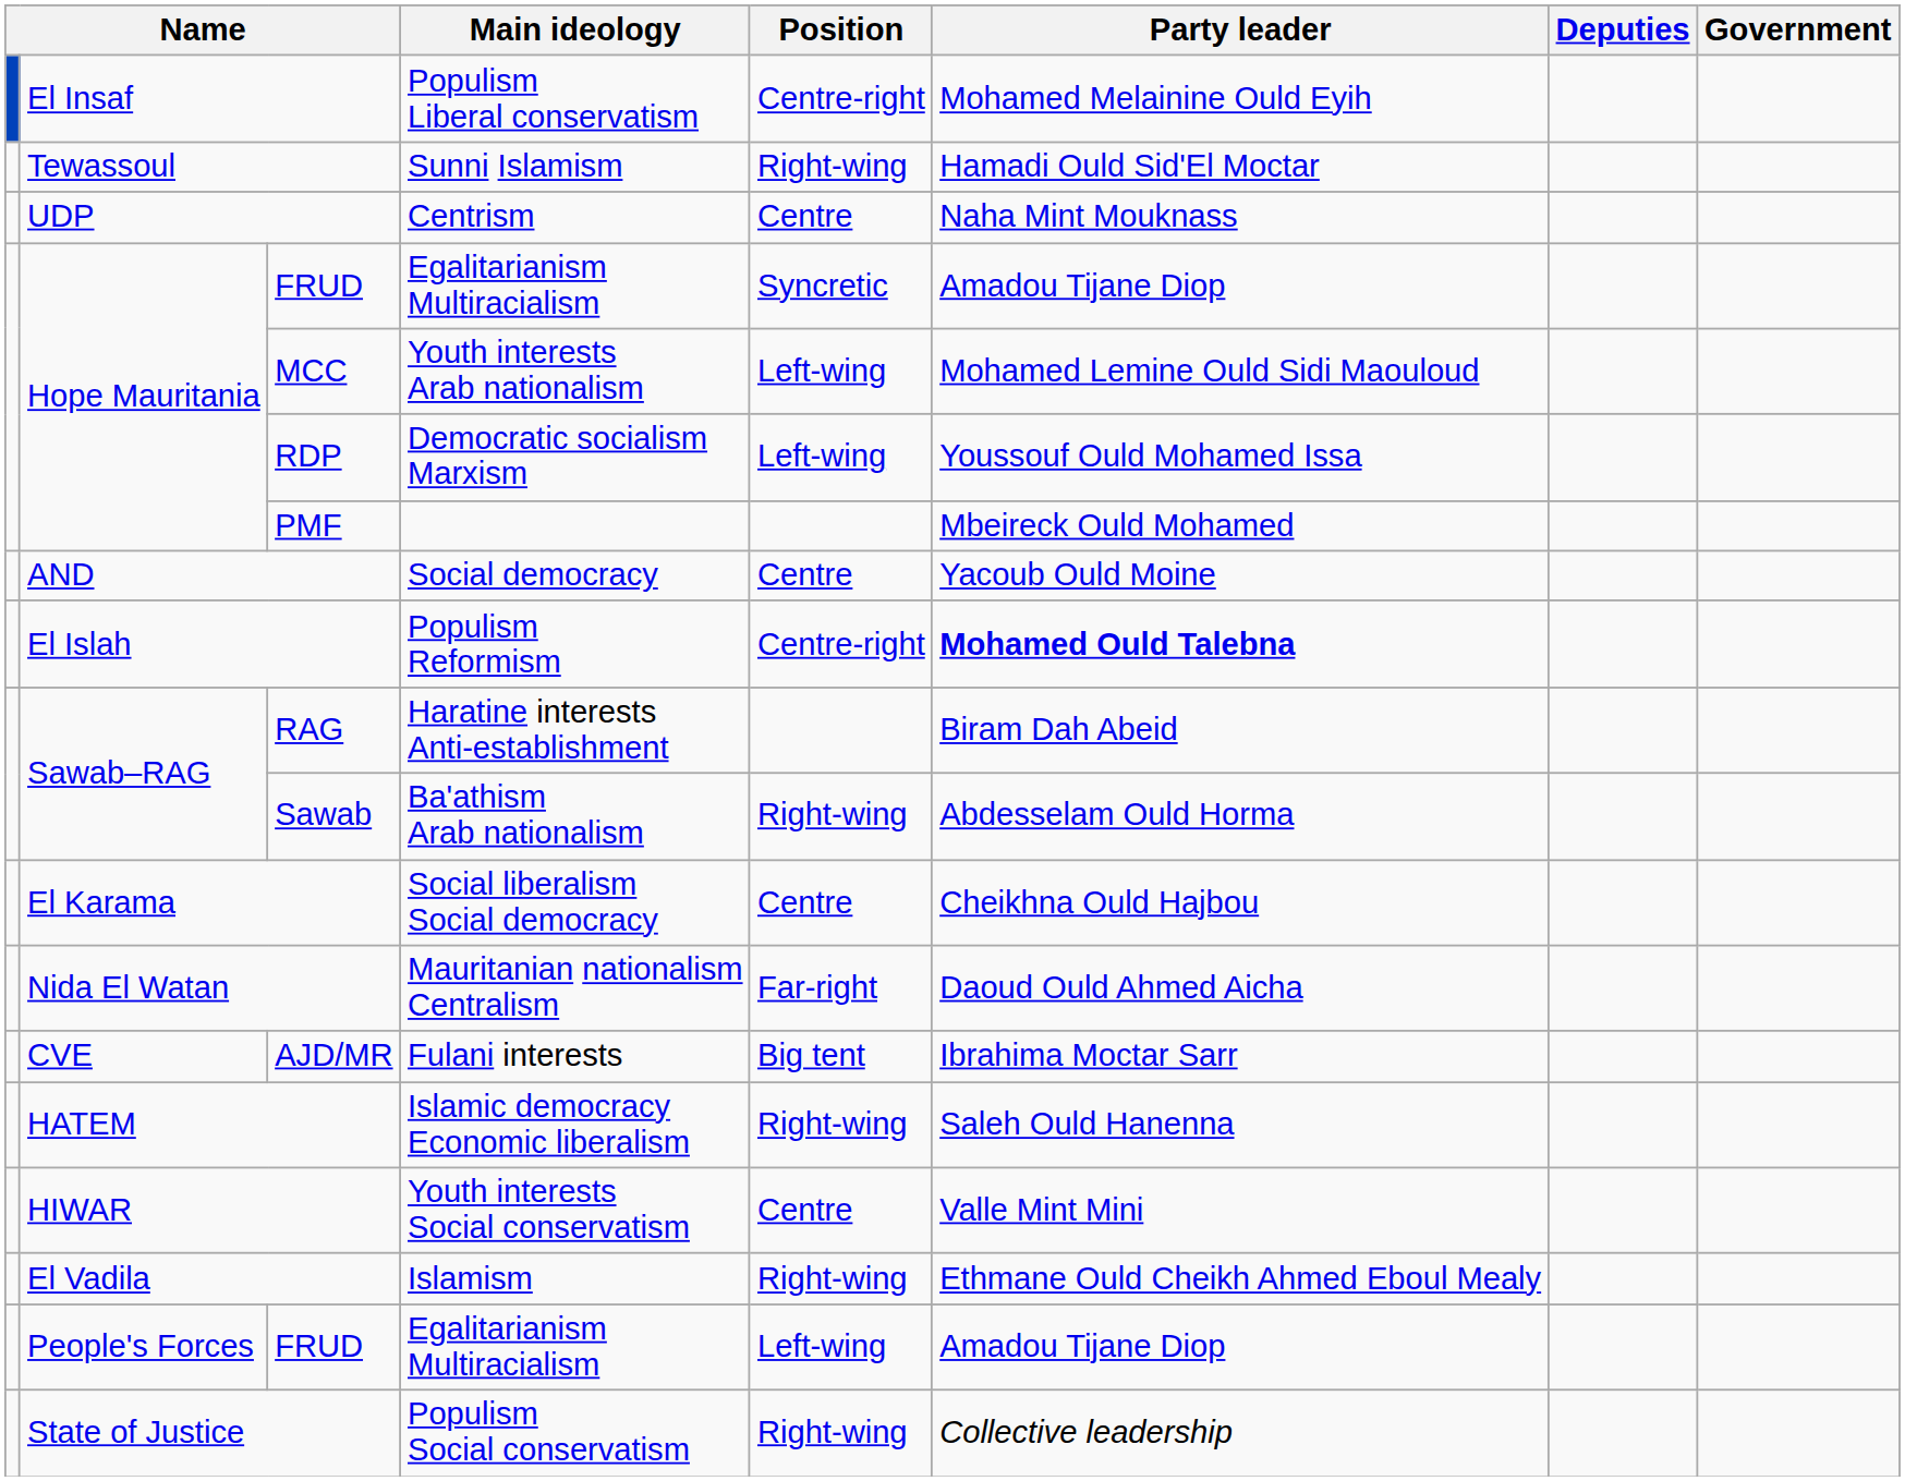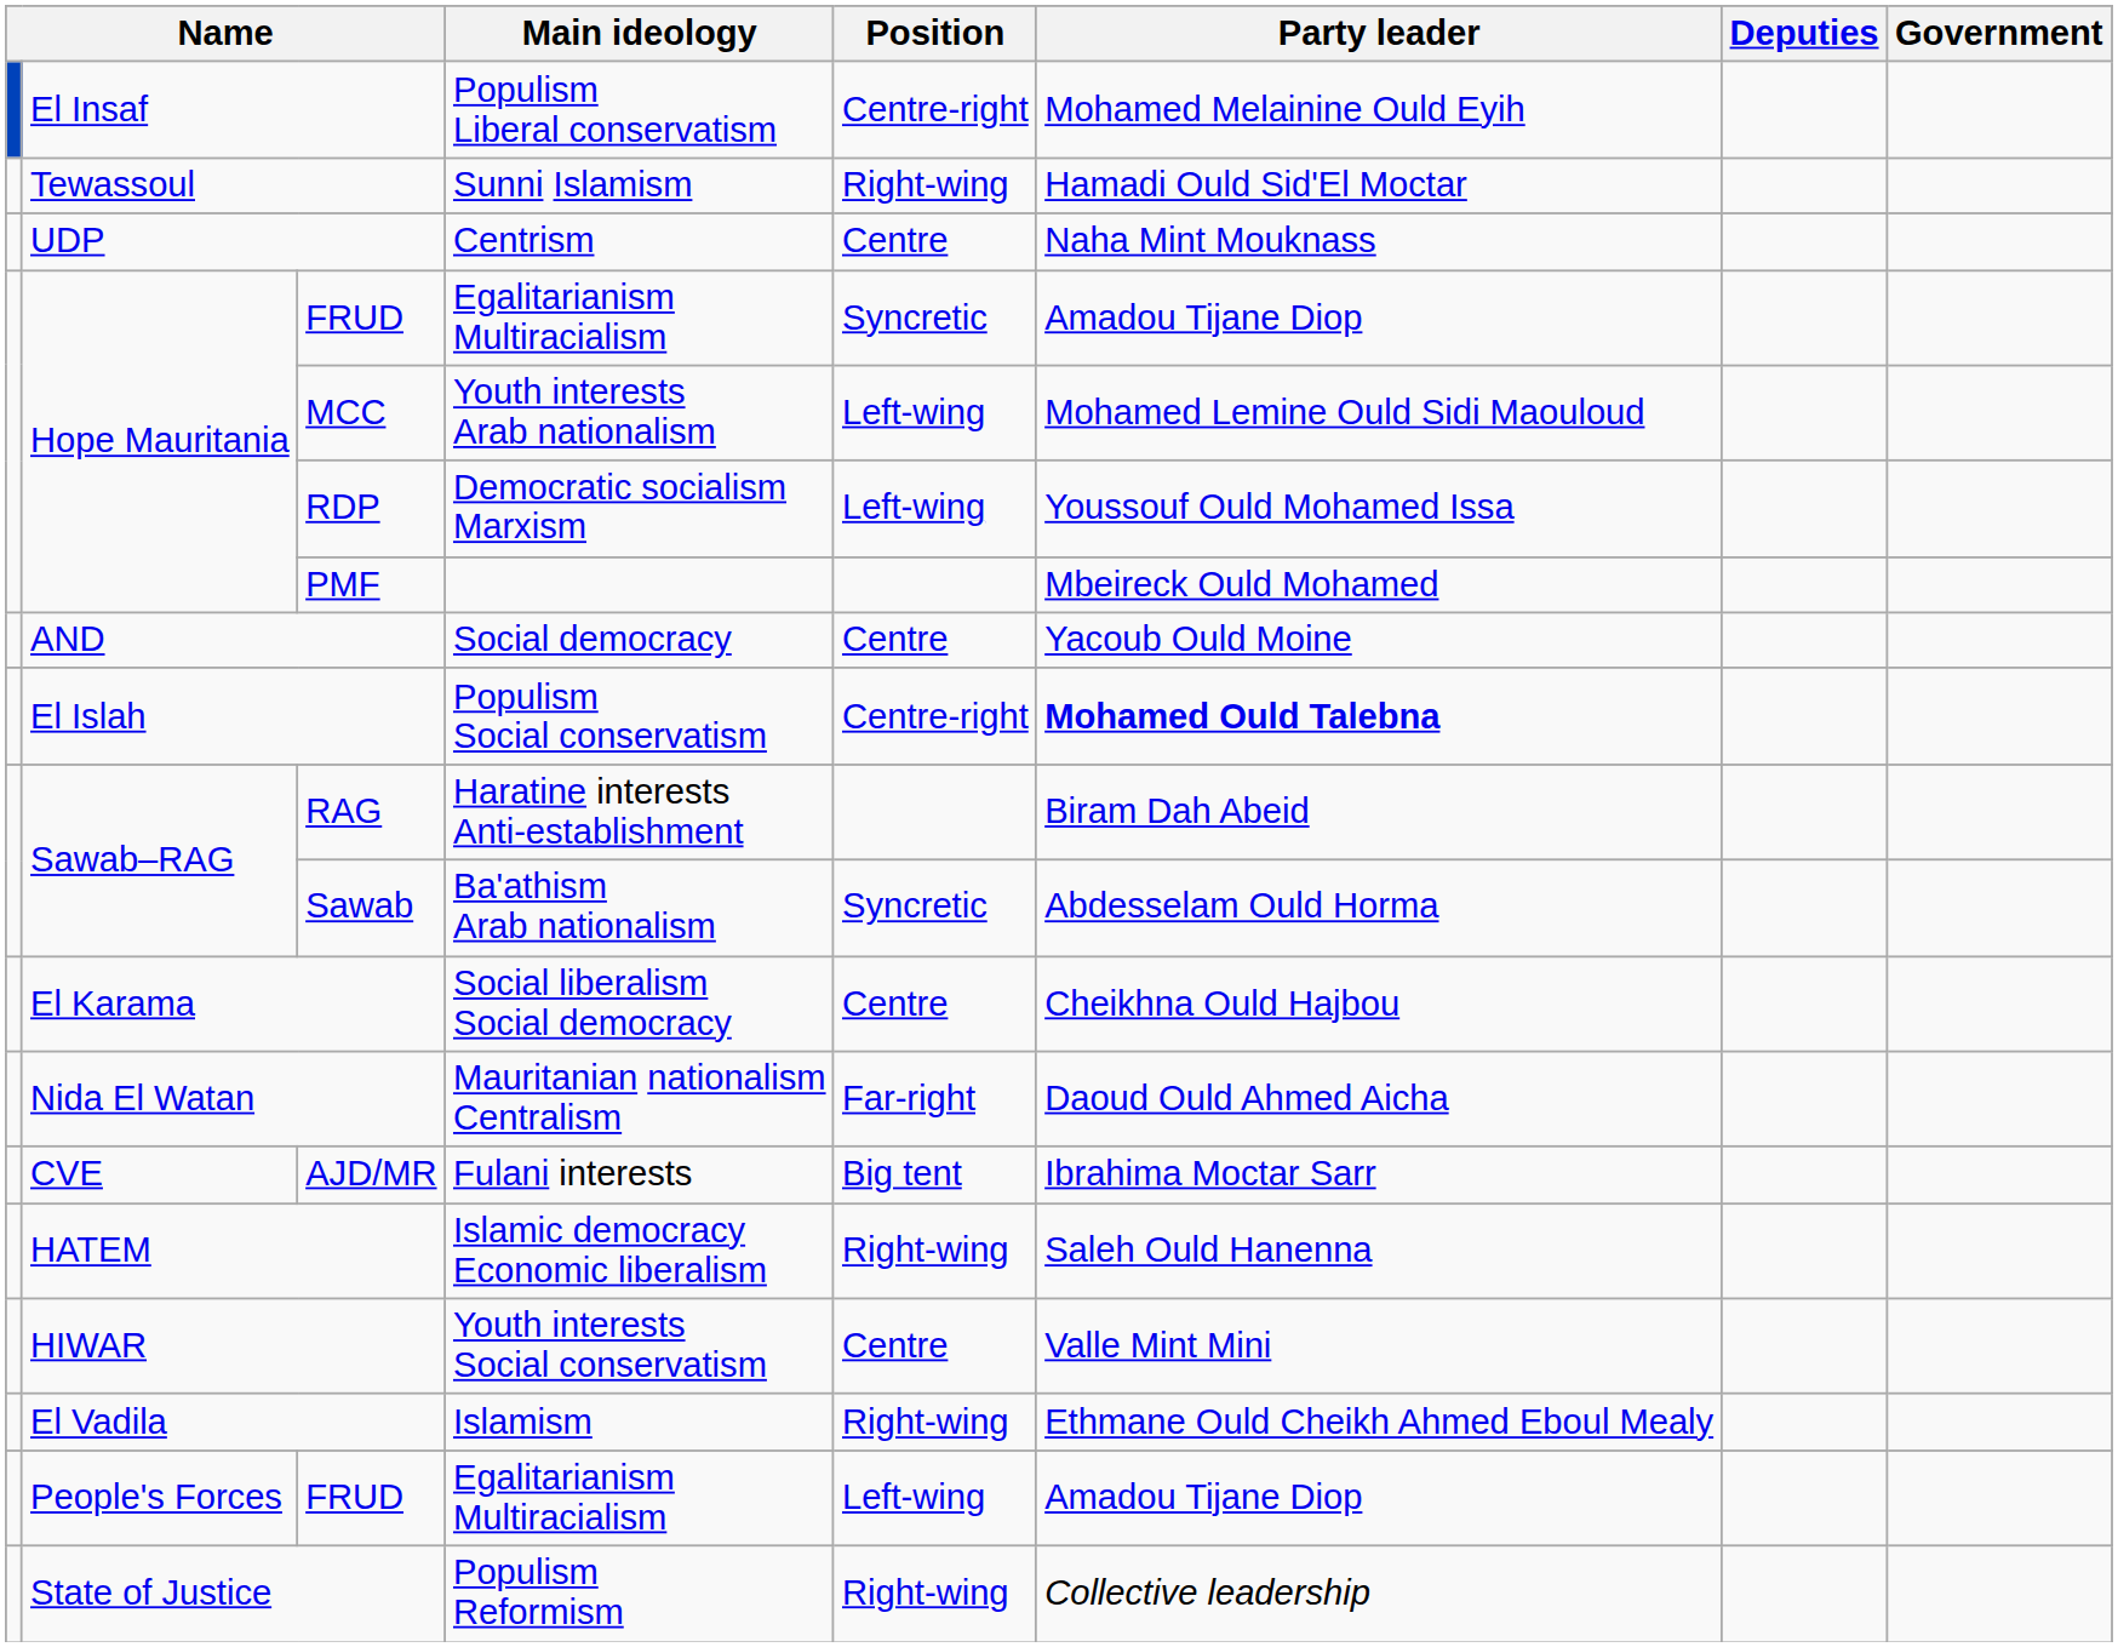 <table class=wikitable>
 <tr>
 <th colspan=3>Name</th>
 <th>Main ideology</th>
 <th>Position</th>
 <th>Party leader</th>
 <th><a href='#'>Deputies</a></th>
 <th>Government</th>
 </tr>
 <tr>
 <td style="background:#0042BA;"></td>
 <td colspan="2"><a href='#'>El Insaf</a></td>
 <td><a href='#'>Populism</a><br><a href='#'>Liberal conservatism</a></td>
 <td><a href='#'>Centre-right</a></td>
 <td><a href='#'>Mohamed Melainine Ould Eyih</a></td>
 <td></td>
 <td></td>
 </tr>
 <tr>
 <td style="background:"></td>
 <td colspan="2"><a href='#'>Tewassoul</a></td>
 <td><a href='#'>Sunni</a> <a href='#'>Islamism</a></td>
 <td><a href='#'>Right-wing</a></td>
 <td><a href='#'>Hamadi Ould Sid'El Moctar</a></td>
 <td></td>
 <td></td>
 </tr>
 <tr>
 <td style="background:"></td>
 <td colspan="2"><a href='#'>UDP</a></td>
 <td><a href='#'>Centrism</a></td>
 <td><a href='#'>Centre</a></td>
 <td><a href='#'>Naha Mint Mouknass</a></td>
 <td></td>
 <td></td>
 </tr>
 <tr>
 <td rowspan="4" style="background:"></td>
 <td rowspan="4"><a href='#'>Hope Mauritania</a></td>
 <td><a href='#'>FRUD</a></td>
 <td><a href='#'>Egalitarianism</a><br><a href='#'>Multiracialism</a></td>
 <td><a href='#'>Syncretic</a></td>
 <td><a href='#'>Amadou Tijane Diop</a></td>
 <td></td>
 <td></td>
 </tr>
 <tr>
 <td><a href='#'>MCC</a></td>
 <td><a href='#'>Youth interests</a><br><a href='#'>Arab nationalism</a></td>
 <td><a href='#'>Left-wing</a></td>
 <td><a href='#'>Mohamed Lemine Ould Sidi Maouloud</a></td>
 <td></td>
 <td></td>
 </tr>
 <tr>
 <td><a href='#'>RDP</a></td>
 <td><a href='#'>Democratic socialism</a><br><a href='#'>Marxism</a></td>
 <td><a href='#'>Left-wing</a></td>
 <td><a href='#'>Youssouf Ould Mohamed Issa</a></td>
 <td></td>
 <td></td>
 </tr>
 <tr>
 <td><a href='#'>PMF</a></td>
 <td></td>
 <td></td>
 <td><a href='#'>Mbeireck Ould Mohamed</a></td>
 <td></td>
 <td></td>
 </tr>
 <tr>
 <td style="background:"></td>
 <td colspan="2"><a href='#'>AND</a></td>
 <td><a href='#'>Social democracy</a></td>
 <td><a href='#'>Centre</a></td>
 <td><a href='#'>Yacoub Ould Moine</a></td>
 <td></td>
 <td></td>
 </tr>
 <tr>
 <td style="background:"></td>
 <td colspan="2"><a href='#'>El Islah</a></td>
-<td><a href='#'>Populism</a><br><a href='#'>Reformism</a></td>
+<td><a href='#'>Populism</a><br><a href='#'>Social conservatism</a></td>
 <td><a href='#'>Centre-right</a></td>
 <td><strong><a href='#'>Mohamed Ould Talebna</a></strong></td>
 <td></td>
 <td></td>
 </tr>
 <tr>
 <td rowspan="2" style="background:"></td>
 <td rowspan="2"><a href='#'>Sawab–RAG</a></td>
 <td><a href='#'>RAG</a></td>
 <td><a href='#'>Haratine</a> interests<br><a href='#'>Anti-establishment</a></td>
 <td></td>
 <td><a href='#'>Biram Dah Abeid</a></td>
 <td></td>
 <td></td>
 </tr>
 <tr>
 <td><a href='#'>Sawab</a></td>
 <td><a href='#'>Ba'athism</a><br><a href='#'>Arab nationalism</a></td>
-<td><a href='#'>Right-wing</a></td>
+<td><a href='#'>Syncretic</a></td>
 <td><a href='#'>Abdesselam Ould Horma</a></td>
 <td></td>
 <td></td>
 </tr>
 <tr>
 <td style="background:"></td>
 <td colspan="2"><a href='#'>El Karama</a></td>
 <td><a href='#'>Social liberalism</a><br><a href='#'>Social democracy</a></td>
 <td><a href='#'>Centre</a></td>
 <td><a href='#'>Cheikhna Ould Hajbou</a></td>
 <td></td>
 <td></td>
 </tr>
 <tr>
 <td style="background:"></td>
 <td colspan="2"><a href='#'>Nida El Watan</a></td>
 <td><a href='#'>Mauritanian</a> <a href='#'>nationalism</a><br><a href='#'>Centralism</a></td>
 <td><a href='#'>Far-right</a></td>
 <td><a href='#'>Daoud Ould Ahmed Aicha</a></td>
 <td></td>
 <td></td>
 </tr>
 <tr>
 <td style="background:"></td>
 <td><a href='#'>CVE</a></td>
 <td><a href='#'>AJD/MR</a></td>
 <td><a href='#'>Fulani</a> interests</td>
 <td><a href='#'>Big tent</a></td>
 <td><a href='#'>Ibrahima Moctar Sarr</a></td>
 <td></td>
 <td></td>
 </tr>
 <tr>
 <td style="background:"></td>
 <td colspan="2"><a href='#'>HATEM</a></td>
 <td><a href='#'>Islamic democracy</a><br><a href='#'>Economic liberalism</a></td>
 <td><a href='#'>Right-wing</a></td>
 <td><a href='#'>Saleh Ould Hanenna</a></td>
 <td></td>
 <td></td>
 </tr>
 <tr>
 <td style="background:"></td>
 <td colspan="2"><a href='#'>HIWAR</a></td>
 <td><a href='#'>Youth interests</a><br><a href='#'>Social conservatism</a></td>
 <td><a href='#'>Centre</a></td>
 <td><a href='#'>Valle Mint Mini</a></td>
 <td></td>
 <td></td>
 </tr>
 <tr>
 <td style="background:"></td>
 <td colspan="2"><a href='#'>El Vadila</a></td>
 <td><a href='#'>Islamism</a></td>
 <td><a href='#'>Right-wing</a></td>
 <td><a href='#'>Ethmane Ould Cheikh Ahmed Eboul Mealy</a></td>
 <td></td>
 <td></td>
 </tr>
 <tr>
 <td style="background:"></td>
 <td><a href='#'>People's Forces</a></td>
 <td><a href='#'>FRUD</a></td>
 <td><a href='#'>Egalitarianism</a><br><a href='#'>Multiracialism</a></td>
 <td><a href='#'>Left-wing</a></td>
 <td><a href='#'>Amadou Tijane Diop</a></td>
 <td></td>
 <td></td>
 </tr>
 <tr>
 <td style="background:"></td>
 <td colspan="2"><a href='#'>State of Justice</a></td>
-<td><a href='#'>Populism</a><br><a href='#'>Social conservatism</a></td>
+<td><a href='#'>Populism</a><br><a href='#'>Reformism</a></td>
 <td><a href='#'>Right-wing</a></td>
 <td><em>Collective leadership</em></td>
 <td></td>
 <td></td>
 </tr>
 </table>
